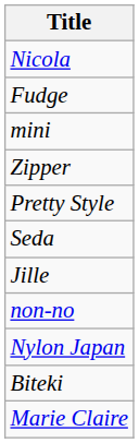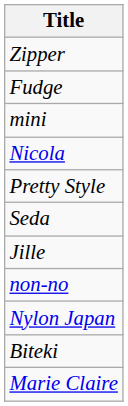 <table class="wikitable">
 <tr>
 <th>Title</th>
 </tr>
 <tr>
-<td><em><a href='#'>Nicola</a></em></td>
+<td><em>Zipper</em></td>
 </tr>
 <tr>
 <td><em>Fudge</em></td>
 </tr>
 <tr>
 <td><em>mini</em></td>
 </tr>
 <tr>
-<td><em>Zipper</em></td>
+<td><em><a href='#'>Nicola</a></em></td>
 </tr>
 <tr>
 <td><em>Pretty Style</em></td>
 </tr>
 <tr>
 <td><em>Seda</em></td>
 </tr>
 <tr>
 <td><em>Jille</em></td>
 </tr>
 <tr>
 <td><em><a href='#'>non-no</a></em></td>
 </tr>
 <tr>
 <td><em><a href='#'>Nylon Japan</a></em></td>
 </tr>
 <tr>
 <td><em>Biteki</em></td>
 </tr>
 <tr>
 <td><em><a href='#'>Marie Claire</a></em></td>
 </tr>
 </table>
